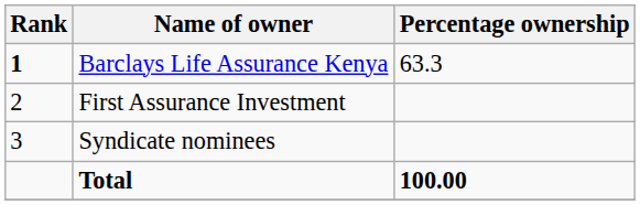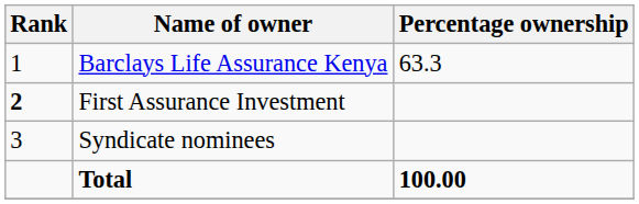 <table class="wikitable sortable" style="margin: 0.5em auto">
 <tr>
 <th>Rank</th>
 <th>Name of owner</th>
 <th>Percentage ownership</th>
 </tr>
 <tr>
-<td><strong>1</strong></td>
+<td>1</td>
 <td><a href='#'>Barclays Life Assurance Kenya</a></td>
 <td>63.3</td>
 </tr>
 <tr>
-<td>2</td>
+<td><strong>2</strong></td>
 <td>First Assurance Investment</td>
 <td></td>
 </tr>
 <tr>
 <td>3</td>
 <td>Syndicate nominees</td>
 <td></td>
 </tr>
 <tr>
 <td></td>
 <td><strong>Total</strong></td>
 <td><strong>100.00</strong></td>
 </tr>
 <tr>
 </tr>
 </table>
